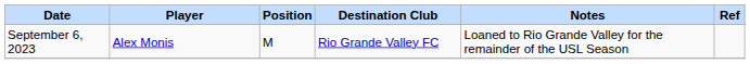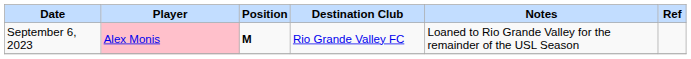 <table class="wikitable" style="text-align:left; font-size:95%;">
 <tr>
 <th style="background:#c2ddff; width:120px;">Date</th>
 <th style="background:#c2ddff; width:175px;">Player</th>
 <th style="background:#c2ddff; width:50px;">Position</th>
 <th style="background:#c2ddff; width:170px;">Destination Club</th>
 <th style="background:#c2ddff; width:300px;">Notes</th>
 <th style="background:#c2ddff; width:30px;">Ref</th>
 </tr>
 <tr>
 <td>September 6, 2023</td>
-<td> <a href='#'>Alex Monis</a></td>
-<td>M</td>
+<td style="background: pink;"> <a href='#'>Alex Monis</a></td>
+<td><strong>M</strong></td>
 <td> <a href='#'>Rio Grande Valley FC</a></td>
 <td>Loaned to Rio Grande Valley for the remainder of the USL Season</td>
 <td></td>
 </tr>
 <tr>
 </tr>
 </table>
